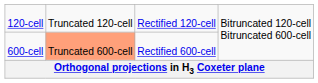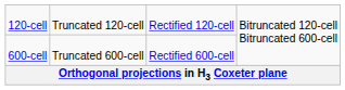 <table class=wikitable style="float:right;margin-left:1em">
 <tr align=center valign=top>
 <td><br><a href='#'>120-cell</a><br></td>
 <td><br>Truncated 120-cell<br></td>
 <td><br><a href='#'>Rectified 120-cell</a><br></td>
 <td rowspan=2 valign=center><br>Bitruncated 120-cell<br>Bitruncated 600-cell<br></td>
 </tr>
 <tr align=center valign=top>
 <td><br><a href='#'>600-cell</a><br></td>
-<td style="background: lightsalmon;"><br>Truncated 600-cell<br></td>
+<td><br>Truncated 600-cell<br></td>
 <td><br><a href='#'>Rectified 600-cell</a><br></td>
 </tr>
 <tr align=center>
 <th colspan=4><a href='#'>Orthogonal projections</a> in H<sub>3</sub> <a href='#'>Coxeter plane</a></th>
 </tr>
 </table>
